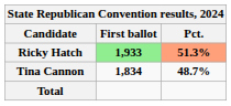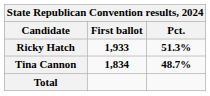 <table class="wikitable sortable plainrowheaders">
 <tr>
 <th colspan="5" >State Republican Convention results, 2024</th>
 </tr>
 <tr style="background:#eee; text-align:center;">
 <th scope="col">Candidate</th>
 <th scope="col" style="width: 5em">First ballot</th>
 <th scope="col" style="width: 5em">Pct.</th>
 </tr>
 <tr>
 <th scope="row">Ricky Hatch</th>
-<td style="background: lightgreen; text-align:center;"><strong>1,933</strong></td>
-<td style="background: lightsalmon; text-align:center;"><strong>51.3%</strong></td>
+<td style="text-align:center;"><strong>1,933</strong></td>
+<td style="text-align:center;"><strong>51.3%</strong></td>
 </tr>
 <tr>
 <th scope="row">Tina Cannon</th>
 <td style="text-align:center;"><strong>1,834</strong></td>
 <td style="text-align:center;"><strong>48.7%</strong></td>
 </tr>
 <tr>
 <th scope="row"><strong>Total</strong></th>
 <td style="text-align:center;"><strong></strong></td>
 <td style="text-align:center;"><strong></strong></td>
 </tr>
 </table>
